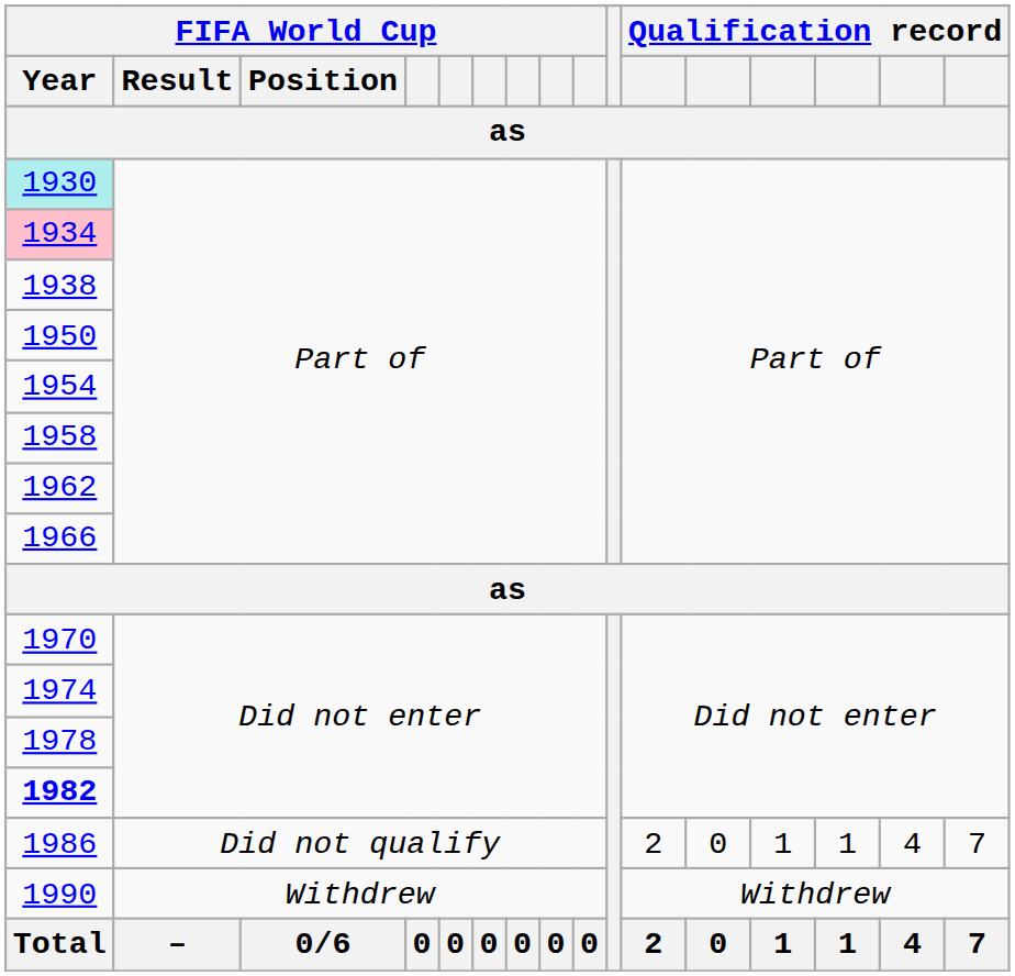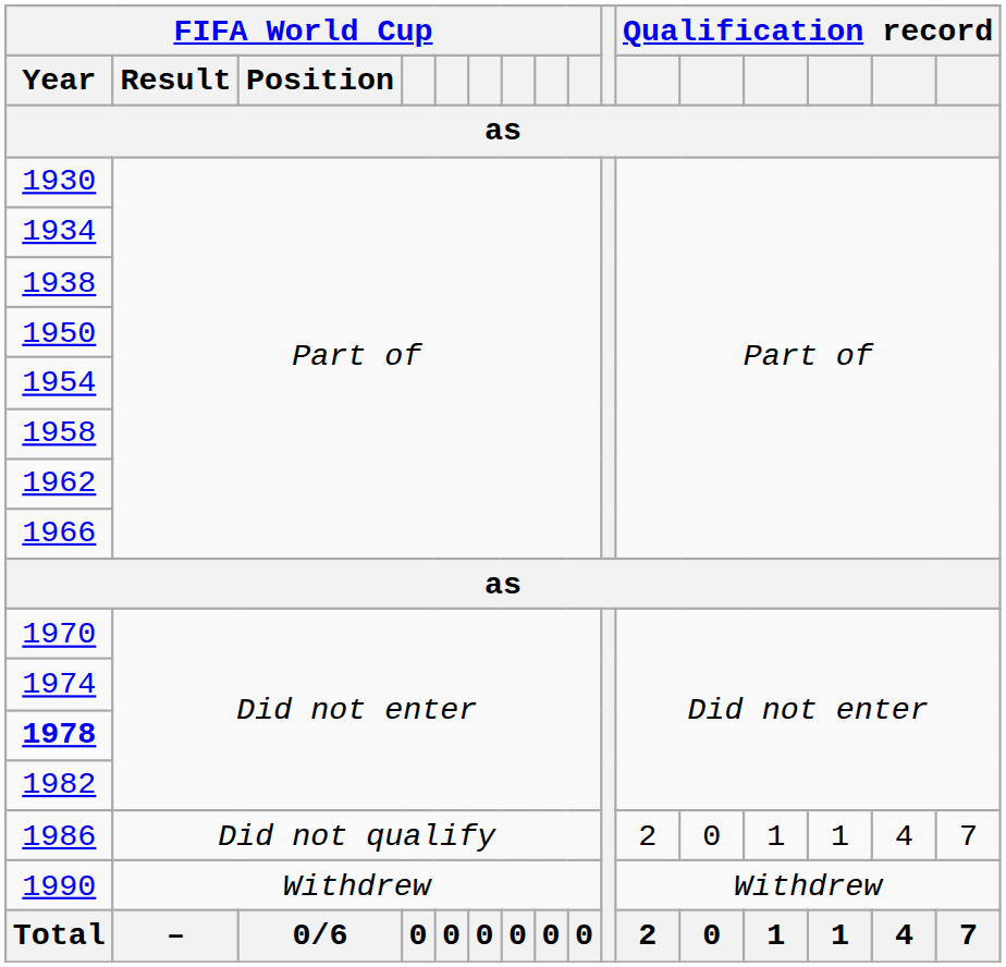 <table class="wikitable" style="text-align: center;">
 <tr>
 <th colspan=9><a href='#'>FIFA World Cup</a></th>
 <th rowspan=2></th>
 <th colspan=6><a href='#'>Qualification</a> record</th>
 </tr>
 <tr>
 <th>Year</th>
 <th>Result</th>
 <th>Position</th>
 <th></th>
 <th></th>
 <th></th>
 <th></th>
 <th></th>
 <th></th>
 <th></th>
 <th></th>
 <th></th>
 <th></th>
 <th></th>
 <th></th>
 </tr>
 <tr>
 <th colspan=16>as </th>
 </tr>
 <tr>
-<td style="background: paleturquoise;"> <a href='#'>1930</a></td>
+<td> <a href='#'>1930</a></td>
 <td rowspan=8 colspan=8><em>Part of </em></td>
 <th rowspan=8></th>
 <td rowspan=8 colspan=6><em>Part of </em></td>
 </tr>
 <tr>
-<td style="background: pink;"> <a href='#'>1934</a></td>
+<td> <a href='#'>1934</a></td>
 </tr>
 <tr>
 <td> <a href='#'>1938</a></td>
 </tr>
 <tr>
 <td> <a href='#'>1950</a></td>
 </tr>
 <tr>
 <td> <a href='#'>1954</a></td>
 </tr>
 <tr>
 <td> <a href='#'>1958</a></td>
 </tr>
 <tr>
 <td> <a href='#'>1962</a></td>
 </tr>
 <tr>
 <td> <a href='#'>1966</a></td>
 </tr>
 <tr>
 <th colspan=16>as </th>
 </tr>
 <tr>
 <td> <a href='#'>1970</a></td>
 <td rowspan=4 colspan=8><em>Did not enter</em></td>
 <th rowspan=7></th>
 <td rowspan=4 colspan=8><em>Did not enter</em></td>
 </tr>
 <tr>
 <td> <a href='#'>1974</a></td>
 </tr>
 <tr>
-<td> <a href='#'>1978</a></td>
+<td><strong> <a href='#'>1978</a></strong></td>
 </tr>
 <tr>
-<td><strong> <a href='#'>1982</a></strong></td>
+<td> <a href='#'>1982</a></td>
 </tr>
 <tr>
 <td> <a href='#'>1986</a></td>
 <td colspan=8><em>Did not qualify</em></td>
 <td>2</td>
 <td>0</td>
 <td>1</td>
 <td>1</td>
 <td>4</td>
 <td>7</td>
 </tr>
 <tr>
 <td> <a href='#'>1990</a></td>
 <td colspan=8><em>Withdrew</em></td>
 <td colspan=6><em>Withdrew</em></td>
 </tr>
 <tr>
 <th>Total</th>
 <th>–</th>
 <th>0/6</th>
 <th>0</th>
 <th>0</th>
 <th>0</th>
 <th>0</th>
 <th>0</th>
 <th>0</th>
 <th>2</th>
 <th>0</th>
 <th>1</th>
 <th>1</th>
 <th>4</th>
 <th>7</th>
 </tr>
 <tr>
 </tr>
 </table>
